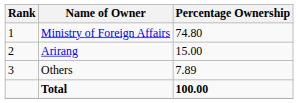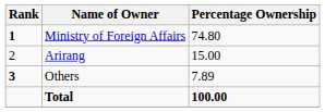 <table class="wikitable sortable" style="margin-left:auto;margin-right:auto">
 <tr>
 <th style="width:2em;">Rank</th>
 <th>Name of Owner</th>
 <th>Percentage Ownership</th>
 </tr>
 <tr>
-<td>1</td>
+<td><strong>1</strong></td>
 <td><a href='#'>Ministry of Foreign Affairs</a></td>
 <td>74.80</td>
 </tr>
 <tr>
 <td>2</td>
 <td><a href='#'>Arirang</a></td>
 <td>15.00</td>
 </tr>
 <tr>
-<td>3</td>
+<td><strong>3</strong></td>
 <td>Others</td>
 <td>7.89</td>
 </tr>
 <tr>
 <td></td>
 <td><strong>Total</strong></td>
 <td><strong>100.00</strong></td>
 </tr>
 <tr>
 </tr>
 </table>
